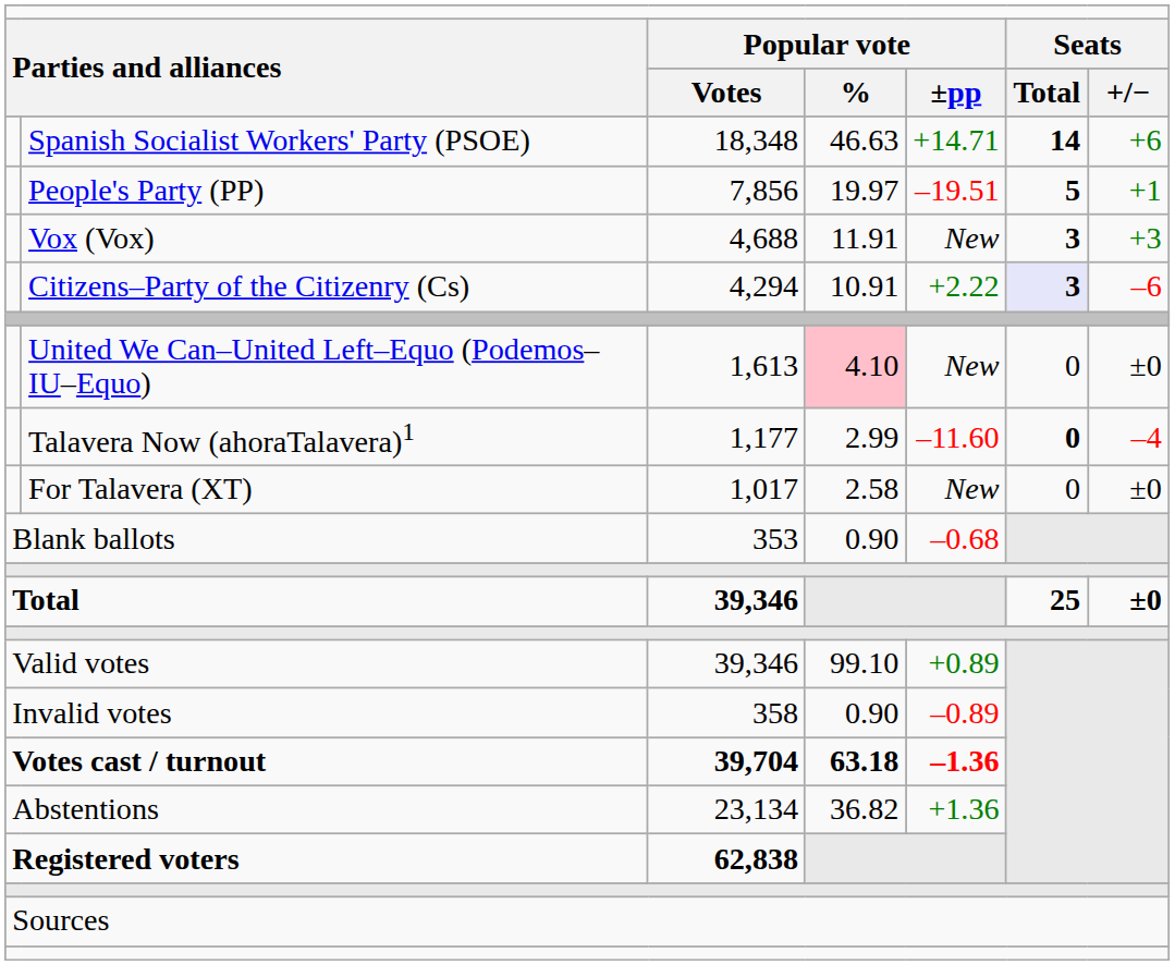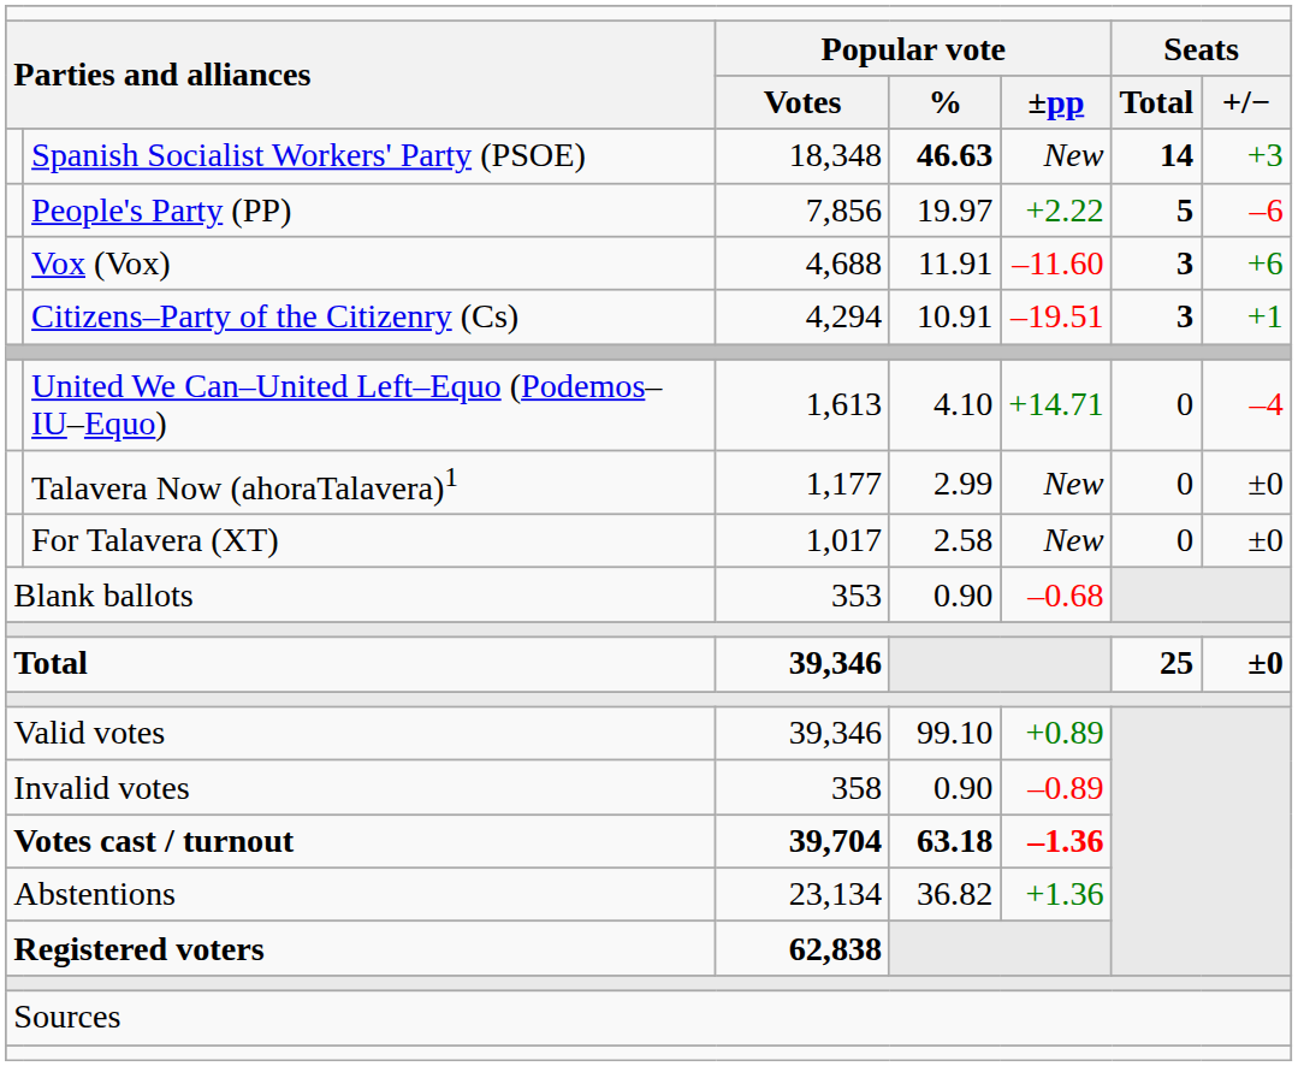 <table class="wikitable" style="text-align:right;">
 <tr>
 <td colspan="7"></td>
 </tr>
 <tr>
 <th style="text-align:left;" rowspan="2" colspan="2" width="525">Parties and alliances</th>
 <th colspan="3">Popular vote</th>
 <th colspan="2">Seats</th>
 </tr>
 <tr>
 <th width="75">Votes</th>
 <th width="45">%</th>
 <th width="45">±<a href='#'>pp</a></th>
 <th width="35">Total</th>
 <th width="35">+/−</th>
 </tr>
 <tr>
 <td width="1" style="color:inherit;background:"></td>
 <td align="left"><a href='#'>Spanish Socialist Workers' Party</a> (PSOE)</td>
 <td>18,348</td>
-<td>46.63</td>
-<td style="color:green;">+14.71</td>
+<td><strong>46.63</strong></td>
+<td><em>New</em></td>
 <td><strong>14</strong></td>
-<td style="color:green;">+6</td>
+<td style="color:green;">+3</td>
 </tr>
 <tr>
 <td style="color:inherit;background:"></td>
 <td align="left"><a href='#'>People's Party</a> (PP)</td>
 <td>7,856</td>
 <td>19.97</td>
-<td style="color:red;">–19.51</td>
+<td style="color:green;">+2.22</td>
 <td><strong>5</strong></td>
-<td style="color:green;">+1</td>
+<td style="color:red;">–6</td>
 </tr>
 <tr>
 <td style="color:inherit;background:"></td>
 <td align="left"><a href='#'>Vox</a> (Vox)</td>
 <td>4,688</td>
 <td>11.91</td>
-<td><em>New</em></td>
+<td style="color:red;">–11.60</td>
 <td><strong>3</strong></td>
-<td style="color:green;">+3</td>
+<td style="color:green;">+6</td>
 </tr>
 <tr>
 <td style="color:inherit;background:"></td>
 <td align="left"><a href='#'>Citizens–Party of the Citizenry</a> (Cs)</td>
 <td>4,294</td>
 <td>10.91</td>
-<td style="color:green;">+2.22</td>
-<td style="background: lavender;"><strong>3</strong></td>
-<td style="color:red;">–6</td>
+<td style="color:red;">–19.51</td>
+<td><strong>3</strong></td>
+<td style="color:green;">+1</td>
 </tr>
 <tr>
 <td colspan="7" bgcolor="#C0C0C0"></td>
 </tr>
 <tr>
 <td style="color:inherit;background:"></td>
 <td align="left"><a href='#'>United We Can–United Left–Equo</a> (<a href='#'>Podemos</a>–<a href='#'>IU</a>–<a href='#'>Equo</a>)</td>
 <td>1,613</td>
-<td style="background: pink;">4.10</td>
-<td><em>New</em></td>
+<td>4.10</td>
+<td style="color:green;">+14.71</td>
 <td>0</td>
-<td>±0</td>
+<td style="color:red;">–4</td>
 </tr>
 <tr>
 <td style="color:inherit;background:"></td>
 <td align="left">Talavera Now (ahoraTalavera)<sup>1</sup></td>
 <td>1,177</td>
 <td>2.99</td>
-<td style="color:red;">–11.60</td>
-<td><strong>0</strong></td>
-<td style="color:red;">–4</td>
+<td><em>New</em></td>
+<td>0</td>
+<td>±0</td>
 </tr>
 <tr>
 <td style="color:inherit;background:"></td>
 <td align="left">For Talavera (XT)</td>
 <td>1,017</td>
 <td>2.58</td>
 <td><em>New</em></td>
 <td>0</td>
 <td>±0</td>
 </tr>
 <tr>
 <td align="left" colspan="2">Blank ballots</td>
 <td>353</td>
 <td>0.90</td>
 <td style="color:red;">–0.68</td>
 <td bgcolor="#E9E9E9" colspan="2"></td>
 </tr>
 <tr>
 <td colspan="7" bgcolor="#E9E9E9"></td>
 </tr>
 <tr style="font-weight:bold;">
 <td align="left" colspan="2">Total</td>
 <td>39,346</td>
 <td bgcolor="#E9E9E9" colspan="2"></td>
 <td>25</td>
 <td>±0</td>
 </tr>
 <tr>
 <td colspan="7" bgcolor="#E9E9E9"></td>
 </tr>
 <tr>
 <td align="left" colspan="2">Valid votes</td>
 <td>39,346</td>
 <td>99.10</td>
 <td style="color:green;">+0.89</td>
 <td bgcolor="#E9E9E9" colspan="2" rowspan="5"></td>
 </tr>
 <tr>
 <td align="left" colspan="2">Invalid votes</td>
 <td>358</td>
 <td>0.90</td>
 <td style="color:red;">–0.89</td>
 </tr>
 <tr style="font-weight:bold;">
 <td align="left" colspan="2">Votes cast / turnout</td>
 <td>39,704</td>
 <td>63.18</td>
 <td style="color:red;">–1.36</td>
 </tr>
 <tr>
 <td align="left" colspan="2">Abstentions</td>
 <td>23,134</td>
 <td>36.82</td>
 <td style="color:green;">+1.36</td>
 </tr>
 <tr style="font-weight:bold;">
 <td align="left" colspan="2">Registered voters</td>
 <td>62,838</td>
 <td bgcolor="#E9E9E9" colspan="2"></td>
 </tr>
 <tr>
 <td colspan="7" bgcolor="#E9E9E9"></td>
 </tr>
 <tr>
 <td align="left" colspan="7">Sources</td>
 </tr>
 <tr>
 <td colspan="7" style="text-align:left; max-width:790px;"></td>
 </tr>
 </table>
